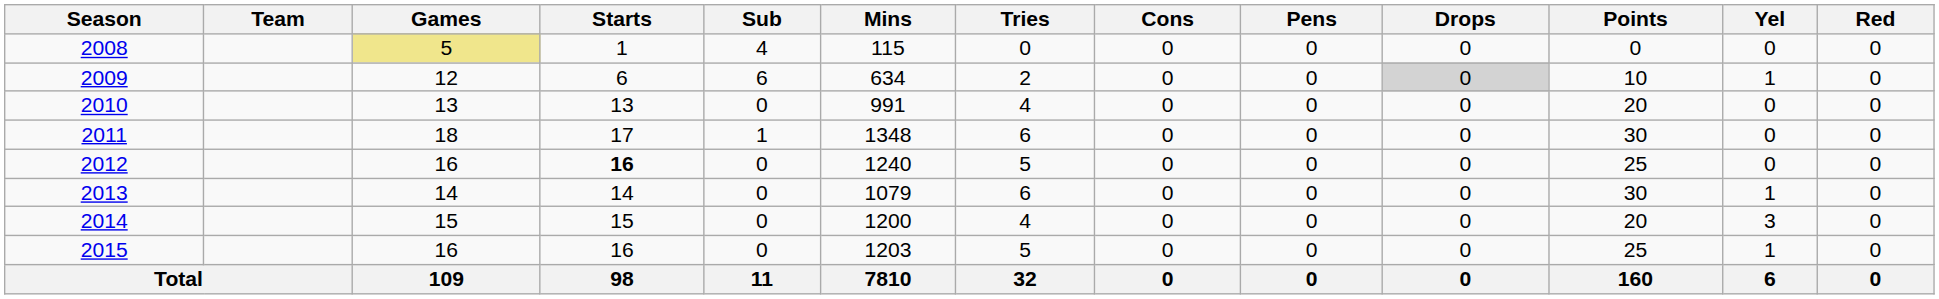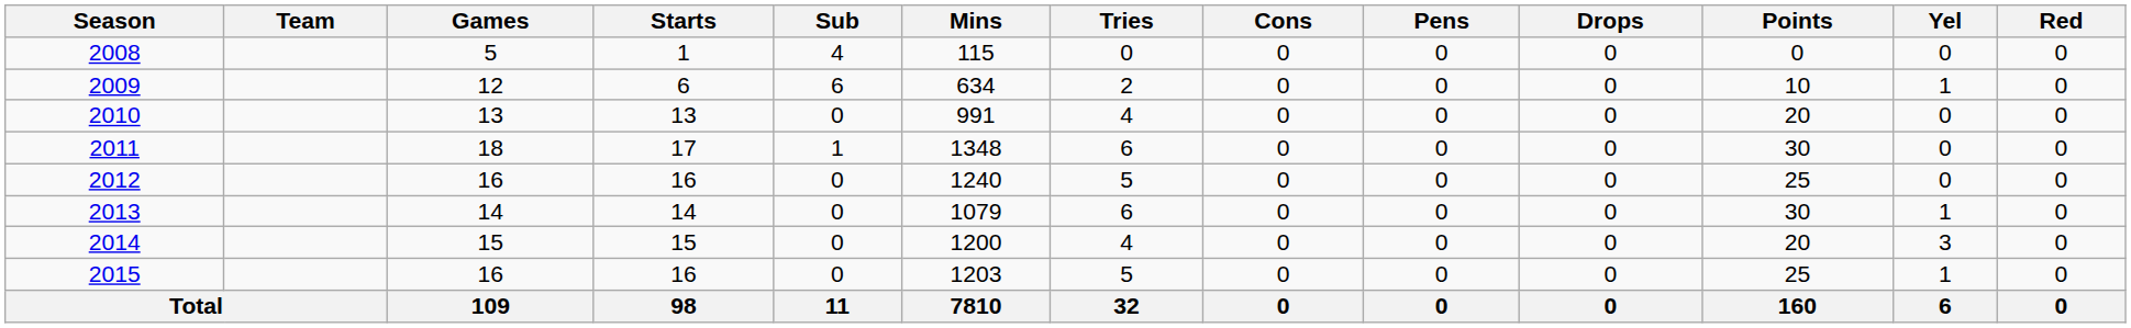 <table class="wikitable" style="text-align:center; line-height:90%; font-size:95%; width:70%;">
 <tr>
 <th>Season</th>
 <th>Team</th>
 <th>Games</th>
 <th>Starts</th>
 <th>Sub</th>
 <th>Mins</th>
 <th>Tries</th>
 <th>Cons</th>
 <th>Pens</th>
 <th>Drops</th>
 <th>Points</th>
 <th>Yel</th>
 <th>Red</th>
 </tr>
 <tr>
 <td><a href='#'>2008</a></td>
 <td></td>
-<td style="background: khaki;">5</td>
+<td>5</td>
 <td>1</td>
 <td>4</td>
 <td>115</td>
 <td>0</td>
 <td>0</td>
 <td>0</td>
 <td>0</td>
 <td>0</td>
 <td>0</td>
 <td>0</td>
 </tr>
 <tr>
 <td><a href='#'>2009</a></td>
 <td></td>
 <td>12</td>
 <td>6</td>
 <td>6</td>
 <td>634</td>
 <td>2</td>
 <td>0</td>
 <td>0</td>
-<td style="background: lightgrey;">0</td>
+<td>0</td>
 <td>10</td>
 <td>1</td>
 <td>0</td>
 </tr>
 <tr>
 <td><a href='#'>2010</a></td>
 <td></td>
 <td>13</td>
 <td>13</td>
 <td>0</td>
 <td>991</td>
 <td>4</td>
 <td>0</td>
 <td>0</td>
 <td>0</td>
 <td>20</td>
 <td>0</td>
 <td>0</td>
 </tr>
 <tr>
 <td><a href='#'>2011</a></td>
 <td></td>
 <td>18</td>
 <td>17</td>
 <td>1</td>
 <td>1348</td>
 <td>6</td>
 <td>0</td>
 <td>0</td>
 <td>0</td>
 <td>30</td>
 <td>0</td>
 <td>0</td>
 </tr>
 <tr>
 <td><a href='#'>2012</a></td>
 <td></td>
 <td>16</td>
-<td><strong>16</strong></td>
+<td>16</td>
 <td>0</td>
 <td>1240</td>
 <td>5</td>
 <td>0</td>
 <td>0</td>
 <td>0</td>
 <td>25</td>
 <td>0</td>
 <td>0</td>
 </tr>
 <tr>
 <td><a href='#'>2013</a></td>
 <td></td>
 <td>14</td>
 <td>14</td>
 <td>0</td>
 <td>1079</td>
 <td>6</td>
 <td>0</td>
 <td>0</td>
 <td>0</td>
 <td>30</td>
 <td>1</td>
 <td>0</td>
 </tr>
 <tr>
 <td><a href='#'>2014</a></td>
 <td></td>
 <td>15</td>
 <td>15</td>
 <td>0</td>
 <td>1200</td>
 <td>4</td>
 <td>0</td>
 <td>0</td>
 <td>0</td>
 <td>20</td>
 <td>3</td>
 <td>0</td>
 </tr>
 <tr>
 <td><a href='#'>2015</a></td>
 <td></td>
 <td>16</td>
 <td>16</td>
 <td>0</td>
 <td>1203</td>
 <td>5</td>
 <td>0</td>
 <td>0</td>
 <td>0</td>
 <td>25</td>
 <td>1</td>
 <td>0</td>
 </tr>
 <tr>
 <th colspan="2">Total</th>
 <th>109</th>
 <th>98</th>
 <th>11</th>
 <th>7810</th>
 <th>32</th>
 <th>0</th>
 <th>0</th>
 <th>0</th>
 <th>160</th>
 <th>6</th>
 <th>0</th>
 </tr>
 </table>
